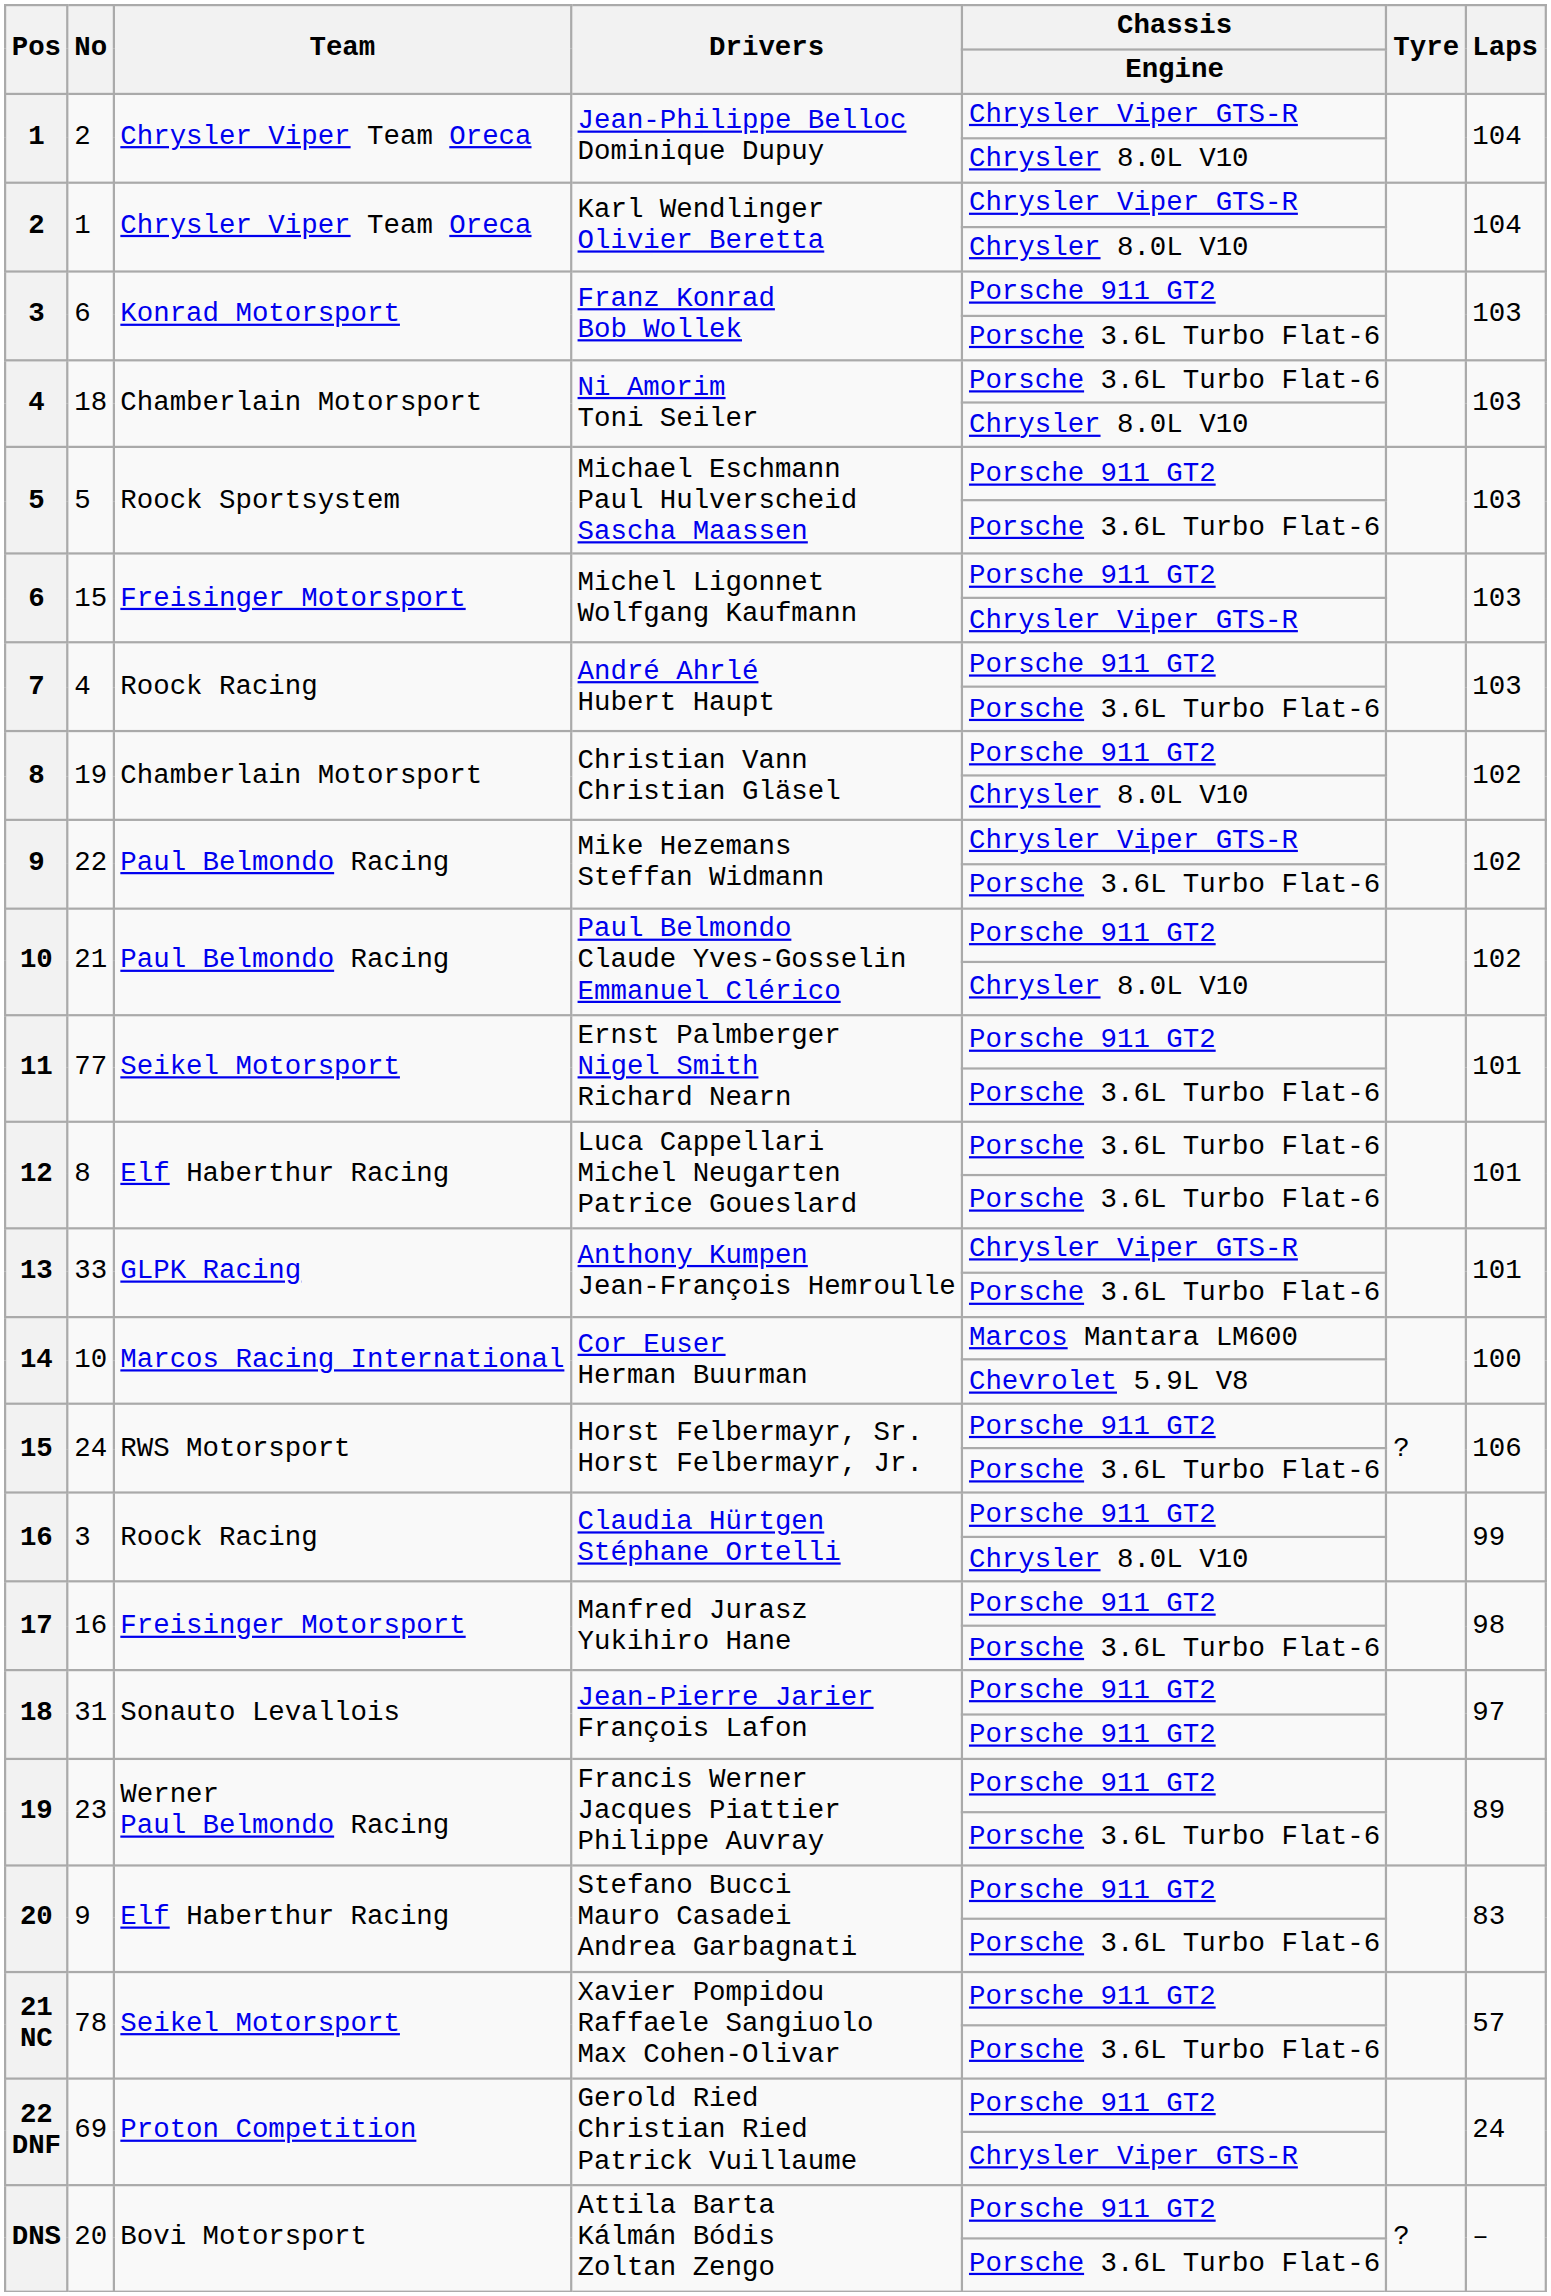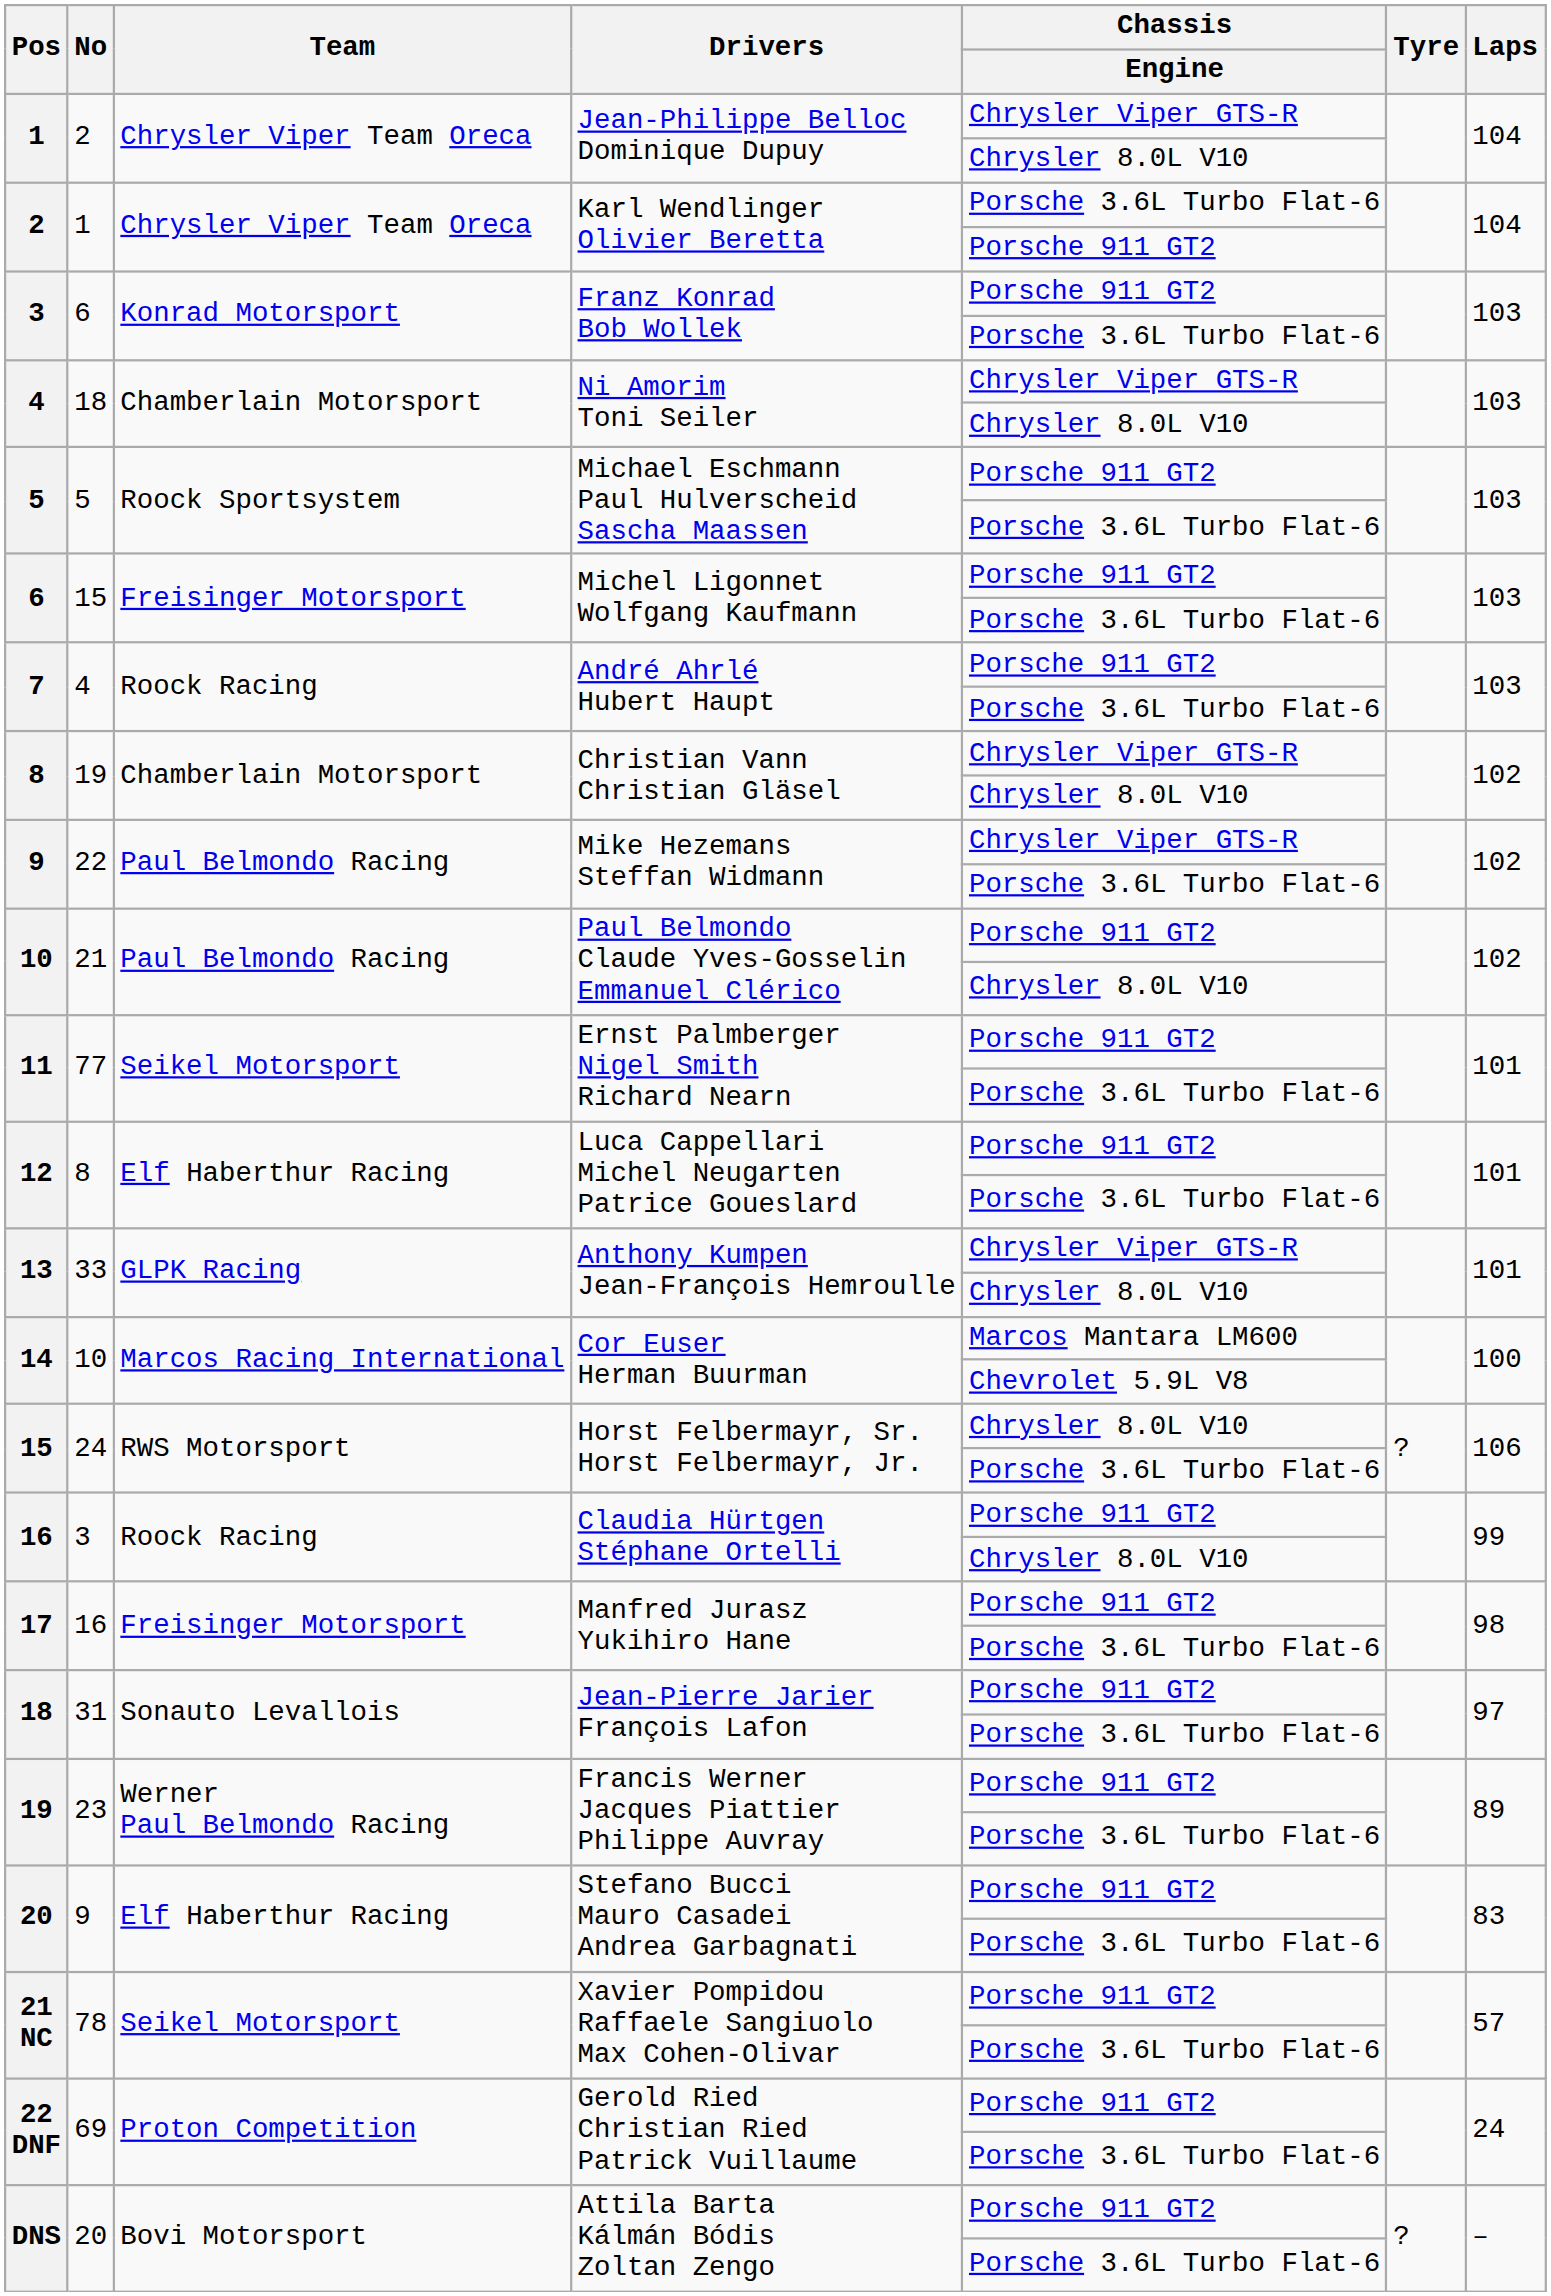 <table class="wikitable" style="font-size: 95%;">
 <tr>
 <th rowspan=2>Pos</th>
 <th rowspan=2>No</th>
 <th rowspan=2>Team</th>
 <th rowspan=2>Drivers</th>
 <th>Chassis</th>
 <th rowspan=2>Tyre</th>
 <th rowspan=2>Laps</th>
 </tr>
 <tr>
 <th>Engine</th>
 </tr>
 <tr>
 <th rowspan=2>1</th>
 <td rowspan=2>2</td>
 <td rowspan=2> <a href='#'>Chrysler Viper</a> Team <a href='#'>Oreca</a></td>
 <td rowspan=2> <a href='#'>Jean-Philippe Belloc</a><br> Dominique Dupuy</td>
 <td><a href='#'>Chrysler Viper GTS-R</a></td>
 <td rowspan=2></td>
 <td rowspan=2>104</td>
 </tr>
 <tr>
 <td><a href='#'>Chrysler</a> 8.0L V10</td>
 </tr>
 <tr>
 <th rowspan=2>2</th>
 <td rowspan=2>1</td>
 <td rowspan=2> <a href='#'>Chrysler Viper</a> Team <a href='#'>Oreca</a></td>
 <td rowspan=2> Karl Wendlinger<br> <a href='#'>Olivier Beretta</a></td>
-<td><a href='#'>Chrysler Viper GTS-R</a></td>
+<td><a href='#'>Porsche</a> 3.6L Turbo Flat-6</td>
 <td rowspan=2></td>
 <td rowspan=2>104</td>
 </tr>
 <tr>
-<td><a href='#'>Chrysler</a> 8.0L V10</td>
+<td><a href='#'>Porsche 911 GT2</a></td>
 </tr>
 <tr>
 <th rowspan=2>3</th>
 <td rowspan=2>6</td>
 <td rowspan=2> <a href='#'>Konrad Motorsport</a></td>
 <td rowspan=2> <a href='#'>Franz Konrad</a><br> <a href='#'>Bob Wollek</a></td>
 <td><a href='#'>Porsche 911 GT2</a></td>
 <td rowspan=2></td>
 <td rowspan=2>103</td>
 </tr>
 <tr>
 <td><a href='#'>Porsche</a> 3.6L Turbo Flat-6</td>
 </tr>
 <tr>
 <th rowspan=2>4</th>
 <td rowspan=2>18</td>
 <td rowspan=2> Chamberlain Motorsport</td>
 <td rowspan=2> <a href='#'>Ni Amorim</a><br> Toni Seiler</td>
-<td><a href='#'>Porsche</a> 3.6L Turbo Flat-6</td>
+<td><a href='#'>Chrysler Viper GTS-R</a></td>
 <td rowspan=2></td>
 <td rowspan=2>103</td>
 </tr>
 <tr>
 <td><a href='#'>Chrysler</a> 8.0L V10</td>
 </tr>
 <tr>
 <th rowspan=2>5</th>
 <td rowspan=2>5</td>
 <td rowspan=2> Roock Sportsystem</td>
 <td rowspan=2> Michael Eschmann<br> Paul Hulverscheid<br> <a href='#'>Sascha Maassen</a></td>
 <td><a href='#'>Porsche 911 GT2</a></td>
 <td rowspan=2></td>
 <td rowspan=2>103</td>
 </tr>
 <tr>
 <td><a href='#'>Porsche</a> 3.6L Turbo Flat-6</td>
 </tr>
 <tr>
 <th rowspan=2>6</th>
 <td rowspan=2>15</td>
 <td rowspan=2> <a href='#'>Freisinger Motorsport</a></td>
 <td rowspan=2> Michel Ligonnet<br> Wolfgang Kaufmann</td>
 <td><a href='#'>Porsche 911 GT2</a></td>
 <td rowspan=2></td>
 <td rowspan=2>103</td>
 </tr>
 <tr>
-<td><a href='#'>Chrysler Viper GTS-R</a></td>
+<td><a href='#'>Porsche</a> 3.6L Turbo Flat-6</td>
 </tr>
 <tr>
 <th rowspan=2>7</th>
 <td rowspan=2>4</td>
 <td rowspan=2> Roock Racing</td>
 <td rowspan=2> <a href='#'>André Ahrlé</a><br> Hubert Haupt</td>
 <td><a href='#'>Porsche 911 GT2</a></td>
 <td rowspan=2></td>
 <td rowspan=2>103</td>
 </tr>
 <tr>
 <td><a href='#'>Porsche</a> 3.6L Turbo Flat-6</td>
 </tr>
 <tr>
 <th rowspan=2>8</th>
 <td rowspan=2>19</td>
 <td rowspan=2> Chamberlain Motorsport</td>
 <td rowspan=2> Christian Vann<br> Christian Gläsel</td>
-<td><a href='#'>Porsche 911 GT2</a></td>
+<td><a href='#'>Chrysler Viper GTS-R</a></td>
 <td rowspan=2></td>
 <td rowspan=2>102</td>
 </tr>
 <tr>
 <td><a href='#'>Chrysler</a> 8.0L V10</td>
 </tr>
 <tr>
 <th rowspan=2>9</th>
 <td rowspan=2>22</td>
 <td rowspan=2> <a href='#'>Paul Belmondo</a> Racing</td>
 <td rowspan=2> Mike Hezemans<br> Steffan Widmann</td>
 <td><a href='#'>Chrysler Viper GTS-R</a></td>
 <td rowspan=2></td>
 <td rowspan=2>102</td>
 </tr>
 <tr>
 <td><a href='#'>Porsche</a> 3.6L Turbo Flat-6</td>
 </tr>
 <tr>
 <th rowspan=2>10</th>
 <td rowspan=2>21</td>
 <td rowspan=2> <a href='#'>Paul Belmondo</a> Racing</td>
 <td rowspan=2> <a href='#'>Paul Belmondo</a><br> Claude Yves-Gosselin<br> <a href='#'>Emmanuel Clérico</a></td>
 <td><a href='#'>Porsche 911 GT2</a></td>
 <td rowspan=2></td>
 <td rowspan=2>102</td>
 </tr>
 <tr>
 <td><a href='#'>Chrysler</a> 8.0L V10</td>
 </tr>
 <tr>
 <th rowspan=2>11</th>
 <td rowspan=2>77</td>
 <td rowspan=2> <a href='#'>Seikel Motorsport</a></td>
 <td rowspan=2> Ernst Palmberger<br> <a href='#'>Nigel Smith</a><br> Richard Nearn</td>
 <td><a href='#'>Porsche 911 GT2</a></td>
 <td rowspan=2></td>
 <td rowspan=2>101</td>
 </tr>
 <tr>
 <td><a href='#'>Porsche</a> 3.6L Turbo Flat-6</td>
 </tr>
 <tr>
 <th rowspan=2>12</th>
 <td rowspan=2>8</td>
 <td rowspan=2> <a href='#'>Elf</a> Haberthur Racing</td>
 <td rowspan=2> Luca Cappellari<br> Michel Neugarten<br> Patrice Goueslard</td>
-<td><a href='#'>Porsche</a> 3.6L Turbo Flat-6</td>
+<td><a href='#'>Porsche 911 GT2</a></td>
 <td rowspan=2></td>
 <td rowspan=2>101</td>
 </tr>
 <tr>
 <td><a href='#'>Porsche</a> 3.6L Turbo Flat-6</td>
 </tr>
 <tr>
 <th rowspan=2>13</th>
 <td rowspan=2>33</td>
 <td rowspan=2> <a href='#'>GLPK Racing</a></td>
 <td rowspan=2> <a href='#'>Anthony Kumpen</a><br> Jean-François Hemroulle</td>
 <td><a href='#'>Chrysler Viper GTS-R</a></td>
 <td rowspan=2></td>
 <td rowspan=2>101</td>
 </tr>
 <tr>
-<td><a href='#'>Porsche</a> 3.6L Turbo Flat-6</td>
+<td><a href='#'>Chrysler</a> 8.0L V10</td>
 </tr>
 <tr>
 <th rowspan=2>14</th>
 <td rowspan=2>10</td>
 <td rowspan=2> <a href='#'>Marcos Racing International</a></td>
 <td rowspan=2> <a href='#'>Cor Euser</a><br> Herman Buurman</td>
 <td><a href='#'>Marcos</a> Mantara LM600</td>
 <td rowspan=2></td>
 <td rowspan=2>100</td>
 </tr>
 <tr>
 <td><a href='#'>Chevrolet</a> 5.9L V8</td>
 </tr>
 <tr>
 <th rowspan=2>15</th>
 <td rowspan=2>24</td>
 <td rowspan=2> RWS Motorsport</td>
 <td rowspan=2> Horst Felbermayr, Sr.<br> Horst Felbermayr, Jr.</td>
-<td><a href='#'>Porsche 911 GT2</a></td>
+<td><a href='#'>Chrysler</a> 8.0L V10</td>
 <td rowspan=2>?</td>
 <td rowspan=2>106</td>
 </tr>
 <tr>
 <td><a href='#'>Porsche</a> 3.6L Turbo Flat-6</td>
 </tr>
 <tr>
 <th rowspan=2>16</th>
 <td rowspan=2>3</td>
 <td rowspan=2> Roock Racing</td>
 <td rowspan=2> <a href='#'>Claudia Hürtgen</a><br> <a href='#'>Stéphane Ortelli</a></td>
 <td><a href='#'>Porsche 911 GT2</a></td>
 <td rowspan=2></td>
 <td rowspan=2>99</td>
 </tr>
 <tr>
 <td><a href='#'>Chrysler</a> 8.0L V10</td>
 </tr>
 <tr>
 <th rowspan=2>17</th>
 <td rowspan=2>16</td>
 <td rowspan=2> <a href='#'>Freisinger Motorsport</a></td>
 <td rowspan=2> Manfred Jurasz<br> Yukihiro Hane</td>
 <td><a href='#'>Porsche 911 GT2</a></td>
 <td rowspan=2></td>
 <td rowspan=2>98</td>
 </tr>
 <tr>
 <td><a href='#'>Porsche</a> 3.6L Turbo Flat-6</td>
 </tr>
 <tr>
 <th rowspan=2>18</th>
 <td rowspan=2>31</td>
 <td rowspan=2> Sonauto Levallois</td>
 <td rowspan=2> <a href='#'>Jean-Pierre Jarier</a><br> François Lafon</td>
 <td><a href='#'>Porsche 911 GT2</a></td>
 <td rowspan=2></td>
 <td rowspan=2>97</td>
 </tr>
 <tr>
-<td><a href='#'>Porsche 911 GT2</a></td>
+<td><a href='#'>Porsche</a> 3.6L Turbo Flat-6</td>
 </tr>
 <tr>
 <th rowspan=2>19</th>
 <td rowspan=2>23</td>
 <td rowspan=2> Werner<br> <a href='#'>Paul Belmondo</a> Racing</td>
 <td rowspan=2> Francis Werner<br> Jacques Piattier<br> Philippe Auvray</td>
 <td><a href='#'>Porsche 911 GT2</a></td>
 <td rowspan=2></td>
 <td rowspan=2>89</td>
 </tr>
 <tr>
 <td><a href='#'>Porsche</a> 3.6L Turbo Flat-6</td>
 </tr>
 <tr>
 <th rowspan=2>20</th>
 <td rowspan=2>9</td>
 <td rowspan=2> <a href='#'>Elf</a> Haberthur Racing</td>
 <td rowspan=2> Stefano Bucci<br> Mauro Casadei<br> Andrea Garbagnati</td>
 <td><a href='#'>Porsche 911 GT2</a></td>
 <td rowspan=2></td>
 <td rowspan=2>83</td>
 </tr>
 <tr>
 <td><a href='#'>Porsche</a> 3.6L Turbo Flat-6</td>
 </tr>
 <tr>
 <th rowspan=2>21<br>NC</th>
 <td rowspan=2>78</td>
 <td rowspan=2> <a href='#'>Seikel Motorsport</a></td>
 <td rowspan=2> Xavier Pompidou<br> Raffaele Sangiuolo<br> Max Cohen-Olivar</td>
 <td><a href='#'>Porsche 911 GT2</a></td>
 <td rowspan=2></td>
 <td rowspan=2>57</td>
 </tr>
 <tr>
 <td><a href='#'>Porsche</a> 3.6L Turbo Flat-6</td>
 </tr>
 <tr>
 <th rowspan=2>22<br>DNF</th>
 <td rowspan=2>69</td>
 <td rowspan=2> <a href='#'>Proton Competition</a></td>
 <td rowspan=2> Gerold Ried<br> Christian Ried<br> Patrick Vuillaume</td>
 <td><a href='#'>Porsche 911 GT2</a></td>
 <td rowspan=2></td>
 <td rowspan=2>24</td>
 </tr>
 <tr>
-<td><a href='#'>Chrysler Viper GTS-R</a></td>
+<td><a href='#'>Porsche</a> 3.6L Turbo Flat-6</td>
 </tr>
 <tr>
 <th rowspan=2>DNS</th>
 <td rowspan=2>20</td>
 <td rowspan=2> Bovi Motorsport</td>
 <td rowspan=2> Attila Barta<br> Kálmán Bódis<br> Zoltan Zengo</td>
 <td><a href='#'>Porsche 911 GT2</a></td>
 <td rowspan=2>?</td>
 <td rowspan=2>–</td>
 </tr>
 <tr>
 <td><a href='#'>Porsche</a> 3.6L Turbo Flat-6</td>
 </tr>
 </table>
